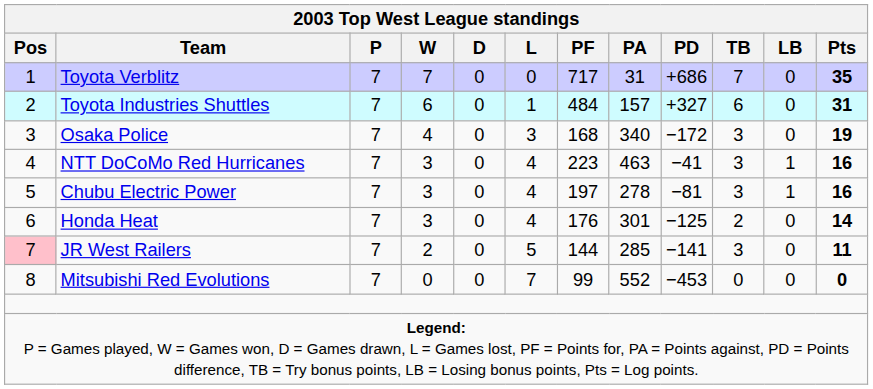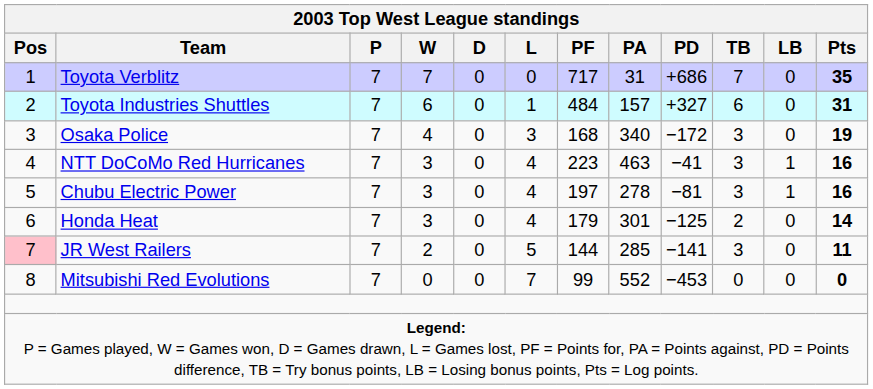 <table class="wikitable" style="text-align:center; font-size:100%; width:60%;">
 <tr>
 <th colspan="100%" cellpadding="0" cellspacing="0"><strong>2003 Top West League standings</strong></th>
 </tr>
 <tr>
 <th style="width:6%;">Pos</th>
 <th style="width:34%;">Team</th>
 <th style="width:6%;">P</th>
 <th style="width:6%;">W</th>
 <th style="width:6%;">D</th>
 <th style="width:6%;">L</th>
 <th style="width:6%;">PF</th>
 <th style="width:6%;">PA</th>
 <th style="width:6%;">PD</th>
 <th style="width:6%;">TB</th>
 <th style="width:6%;">LB</th>
 <th style="width:6%;">Pts<br></th>
 </tr>
 <tr style="background:#CCCCFF;">
 <td>1</td>
 <td style="text-align:left;"><a href='#'>Toyota Verblitz</a></td>
 <td>7</td>
 <td>7</td>
 <td>0</td>
 <td>0</td>
 <td>717</td>
 <td>31</td>
 <td>+686</td>
 <td>7</td>
 <td>0</td>
 <td><strong>35</strong></td>
 </tr>
 <tr style="background:#CFFCFF;">
 <td>2</td>
 <td style="text-align:left;"><a href='#'>Toyota Industries Shuttles</a></td>
 <td>7</td>
 <td>6</td>
 <td>0</td>
 <td>1</td>
 <td>484</td>
 <td>157</td>
 <td>+327</td>
 <td>6</td>
 <td>0</td>
 <td><strong>31</strong></td>
 </tr>
 <tr>
 <td>3</td>
 <td style="text-align:left;"><a href='#'>Osaka Police</a></td>
 <td>7</td>
 <td>4</td>
 <td>0</td>
 <td>3</td>
 <td>168</td>
 <td>340</td>
 <td>−172</td>
 <td>3</td>
 <td>0</td>
 <td><strong>19</strong></td>
 </tr>
 <tr>
 <td>4</td>
 <td style="text-align:left;"><a href='#'>NTT DoCoMo Red Hurricanes</a></td>
 <td>7</td>
 <td>3</td>
 <td>0</td>
 <td>4</td>
 <td>223</td>
 <td>463</td>
 <td>−41</td>
 <td>3</td>
 <td>1</td>
 <td><strong>16</strong></td>
 </tr>
 <tr>
 <td>5</td>
 <td style="text-align:left;"><a href='#'>Chubu Electric Power</a></td>
 <td>7</td>
 <td>3</td>
 <td>0</td>
 <td>4</td>
 <td>197</td>
 <td>278</td>
 <td>−81</td>
 <td>3</td>
 <td>1</td>
 <td><strong>16</strong></td>
 </tr>
 <tr>
 <td>6</td>
 <td style="text-align:left;"><a href='#'>Honda Heat</a></td>
 <td>7</td>
 <td>3</td>
 <td>0</td>
 <td>4</td>
-<td>176</td>
+<td>179</td>
 <td>301</td>
 <td>−125</td>
 <td>2</td>
 <td>0</td>
 <td><strong>14</strong></td>
 </tr>
 <tr>
 <td style="background: pink;">7</td>
 <td style="text-align:left;"><a href='#'>JR West Railers</a></td>
 <td>7</td>
 <td>2</td>
 <td>0</td>
 <td>5</td>
 <td>144</td>
 <td>285</td>
 <td>−141</td>
 <td>3</td>
 <td>0</td>
 <td><strong>11</strong></td>
 </tr>
 <tr>
 <td>8</td>
 <td style="text-align:left;"><a href='#'>Mitsubishi Red Evolutions</a></td>
 <td>7</td>
 <td>0</td>
 <td>0</td>
 <td>7</td>
 <td>99</td>
 <td>552</td>
 <td>−453</td>
 <td>0</td>
 <td>0</td>
 <td><strong>0</strong></td>
 </tr>
 <tr>
 <td colspan="100%" style="height:10px;"></td>
 </tr>
 <tr>
 <td colspan="100%"><small><strong>Legend:</strong> <br> P = Games played, W = Games won, D = Games drawn, L = Games lost, PF = Points for, PA = Points against, PD = Points difference, TB = Try bonus points, LB = Losing bonus points, Pts = Log points.</small></td>
 </tr>
 </table>
